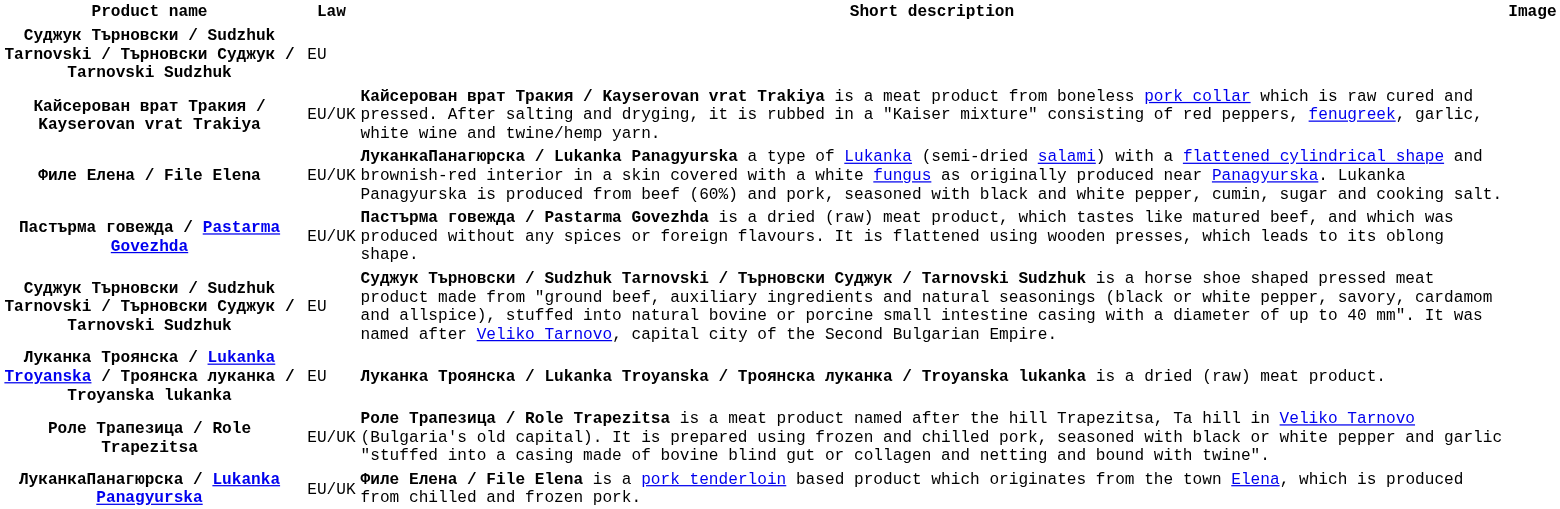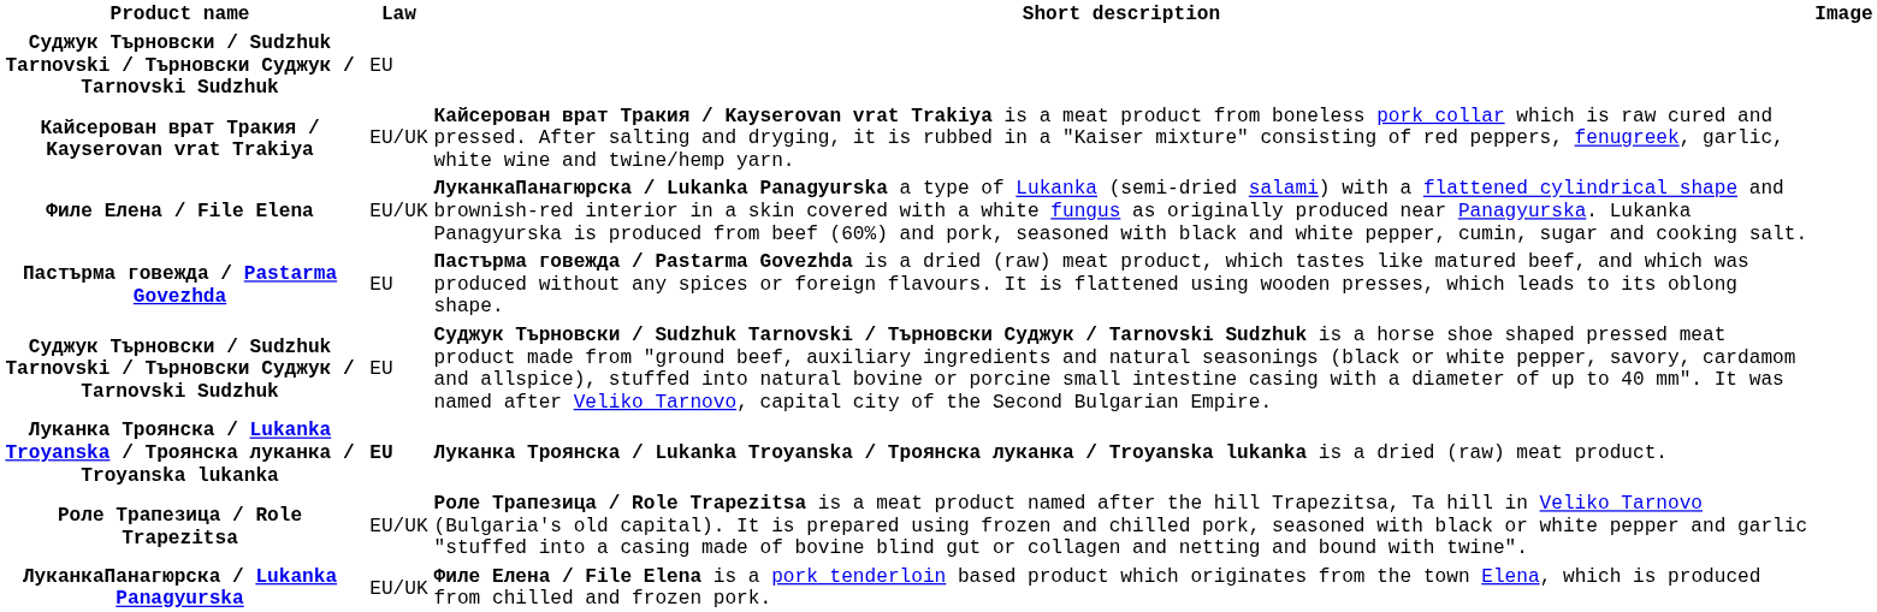 <table>
 <tr>
 <th>Product name</th>
 <th>Law</th>
 <th>Short description</th>
 <th>Image</th>
 </tr>
 <tr>
 <th>Суджук Търновски / Sudzhuk Tarnovski / Търновски Суджук / Tarnovski Sudzhuk</th>
 <td>EU</td>
 <td></td>
 <td></td>
 </tr>
 <tr>
 <th>Кайсерован врат Тракия / Kayserovan vrat Trakiya</th>
 <td>EU/UK</td>
 <td><strong>Кайсерован врат Тракия / Kayserovan vrat Trakiya</strong> is a meat product from boneless <a href='#'>pork collar</a> which is raw cured and pressed. After salting and dryging, it is rubbed in a "Kaiser mixture" consisting of red peppers, <a href='#'>fenugreek</a>, garlic, white wine and twine/hemp yarn.</td>
 <td></td>
 </tr>
 <tr>
 <th>Филе Елена / File Elena</th>
 <td>EU/UK</td>
 <td><strong>ЛуканкаПанагюрска / Lukanka Panagyurska</strong> a type of <a href='#'>Lukanka</a> (semi-dried <a href='#'>salami</a>) with a <a href='#'>flattened cylindrical shape</a> and brownish-red interior in a skin covered with a white <a href='#'>fungus</a> as originally produced near <a href='#'>Panagyurska</a>. Lukanka Panagyurska is produced from beef (60%) and pork, seasoned with black and white pepper, cumin, sugar and cooking salt.</td>
 <td></td>
 </tr>
 <tr>
 <th>Пастърма говежда / <a href='#'>Pastarma Govezhda</a></th>
-<td>EU/UK</td>
+<td>EU</td>
 <td><strong>Пастърма говежда / Pastarma Govezhda</strong> is a dried (raw) meat product, which tastes like matured beef, and which was produced without any spices or foreign flavours. It is flattened using wooden presses, which leads to its oblong shape.</td>
 <td></td>
 </tr>
 <tr>
 <th>Суджук Търновски / Sudzhuk Tarnovski / Търновски Суджук / Tarnovski Sudzhuk</th>
 <td>EU</td>
 <td><strong>Суджук Търновски / Sudzhuk Tarnovski / Търновски Суджук / Tarnovski Sudzhuk</strong> is a horse shoe shaped pressed meat product made from "ground beef, auxiliary ingredients and natural seasonings (black or white pepper, savory, cardamom and allspice), stuffed into natural bovine or porcine small intestine casing with a diameter of up to 40 mm". It was named after <a href='#'>Veliko Tarnovo</a>, capital city of the Second Bulgarian Empire.</td>
 <td></td>
 </tr>
 <tr>
 <th>Луканка Троянска / <a href='#'>Lukanka Troyanska</a> / Троянска луканка / Troyanska lukanka</th>
-<td>EU</td>
+<td><strong>EU</strong></td>
 <td><strong>Луканка Троянска / Lukanka Troyanska / Троянска луканка / Troyanska lukanka</strong> is a dried (raw) meat product.</td>
 <td></td>
 </tr>
 <tr>
 <th>Роле Трапезица / Role Trapezitsa</th>
 <td>EU/UK</td>
 <td><strong>Роле Трапезица / Role Trapezitsa</strong> is a meat product named after the hill Trapezitsa, Ta hill in <a href='#'>Veliko Tarnovo</a> (Bulgaria's old capital). It is prepared using frozen and chilled pork, seasoned with black or white pepper and garlic "stuffed into a casing made of bovine blind gut or collagen and netting and bound with twine".</td>
 <td></td>
 </tr>
 <tr>
 <th>ЛуканкаПанагюрска / <a href='#'>Lukanka Panagyurska</a></th>
 <td>EU/UK</td>
 <td><strong>Филе Елена / File Elena</strong> is a <a href='#'>pork tenderloin</a> based product which originates from the town <a href='#'>Elena</a>, which is produced from chilled and frozen pork.</td>
 <td></td>
 </tr>
 </table>
